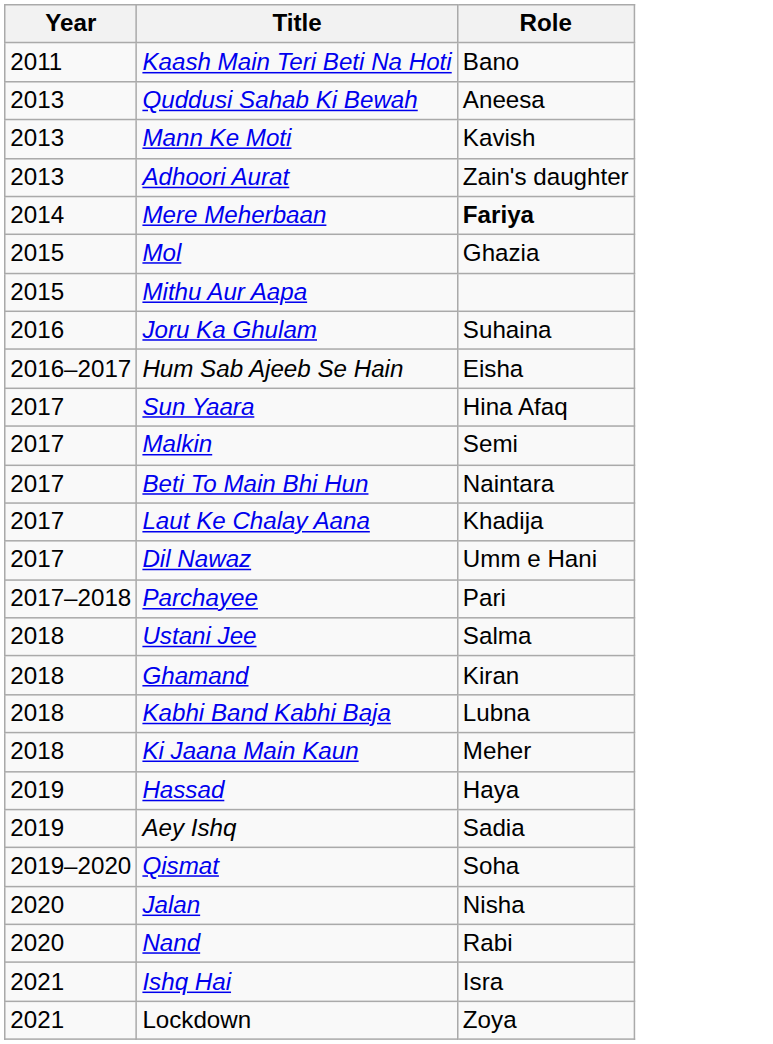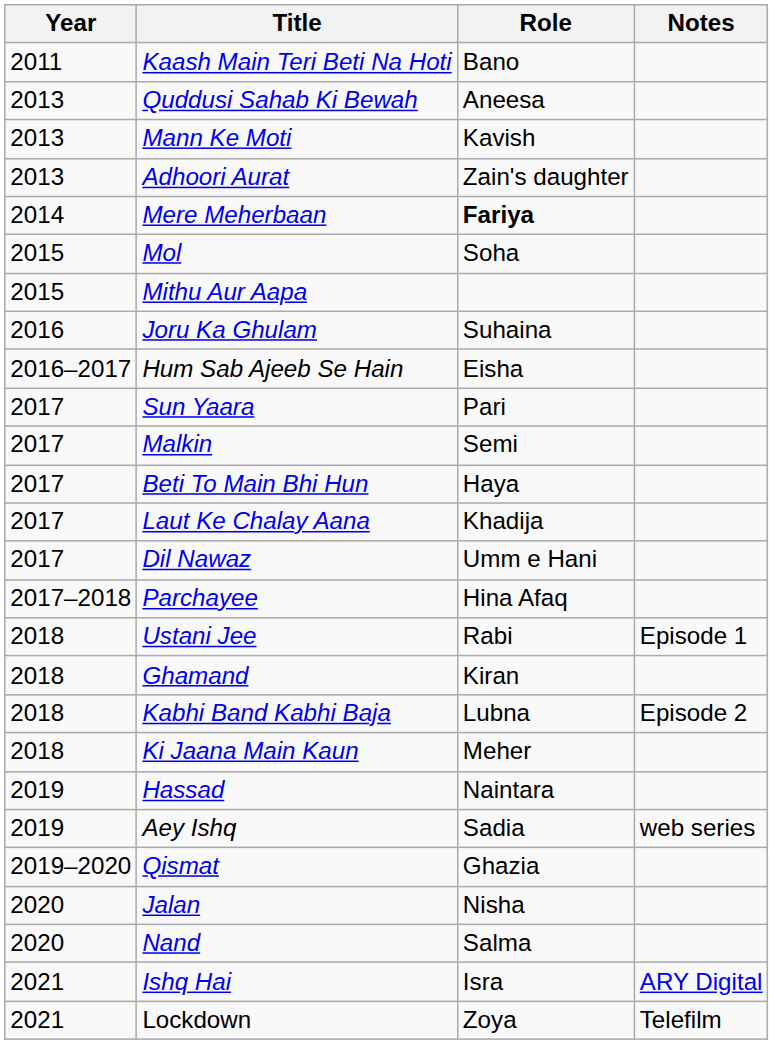 <table class="wikitable">
 <tr>
 <th>Year</th>
 <th>Title</th>
 <th>Role</th>
+<th>Notes</th>
 </tr>
 <tr>
 <td>2011</td>
 <td><em><a href='#'>Kaash Main Teri Beti Na Hoti</a></em></td>
 <td>Bano</td>
+<td></td>
 </tr>
 <tr>
 <td>2013</td>
 <td><em><a href='#'>Quddusi Sahab Ki Bewah</a></em></td>
 <td>Aneesa</td>
+<td></td>
 </tr>
 <tr>
 <td>2013</td>
 <td><em><a href='#'>Mann Ke Moti</a></em></td>
 <td>Kavish</td>
+<td></td>
 </tr>
 <tr>
 <td>2013</td>
 <td><em><a href='#'>Adhoori Aurat</a></em></td>
 <td>Zain's daughter</td>
+<td></td>
 </tr>
 <tr>
 <td>2014</td>
 <td><em><a href='#'>Mere Meherbaan</a></em></td>
 <td><strong>Fariya</strong></td>
+<td></td>
 </tr>
 <tr>
 <td>2015</td>
 <td><em><a href='#'>Mol</a></em></td>
-<td>Ghazia</td>
+<td>Soha</td>
+<td></td>
 </tr>
 <tr>
 <td>2015</td>
 <td><em><a href='#'>Mithu Aur Aapa</a></em></td>
+<td></td>
 <td></td>
 </tr>
 <tr>
 <td>2016</td>
 <td><em><a href='#'>Joru Ka Ghulam</a></em></td>
 <td>Suhaina</td>
+<td></td>
 </tr>
 <tr>
 <td>2016–2017</td>
 <td><em>Hum Sab Ajeeb Se Hain</em></td>
 <td>Eisha</td>
+<td></td>
 </tr>
 <tr>
 <td>2017</td>
 <td><em><a href='#'>Sun Yaara</a></em></td>
-<td>Hina Afaq</td>
+<td>Pari</td>
+<td></td>
 </tr>
 <tr>
 <td>2017</td>
 <td><em><a href='#'>Malkin</a></em></td>
 <td>Semi</td>
+<td></td>
 </tr>
 <tr>
 <td>2017</td>
 <td><em><a href='#'>Beti To Main Bhi Hun</a></em></td>
-<td>Naintara</td>
+<td>Haya</td>
+<td></td>
 </tr>
 <tr>
 <td>2017</td>
 <td><em><a href='#'>Laut Ke Chalay Aana</a></em></td>
 <td>Khadija</td>
+<td></td>
 </tr>
 <tr>
 <td>2017</td>
 <td><em><a href='#'>Dil Nawaz</a></em></td>
 <td>Umm e Hani</td>
+<td></td>
 </tr>
 <tr>
 <td>2017–2018</td>
 <td><em><a href='#'>Parchayee</a></em></td>
-<td>Pari</td>
+<td>Hina Afaq</td>
+<td></td>
 </tr>
 <tr>
 <td>2018</td>
 <td><em><a href='#'>Ustani Jee</a></em></td>
-<td>Salma</td>
+<td>Rabi</td>
+<td>Episode 1</td>
 </tr>
 <tr>
 <td>2018</td>
 <td><em><a href='#'>Ghamand</a></em></td>
 <td>Kiran</td>
+<td></td>
 </tr>
 <tr>
 <td>2018</td>
 <td><em><a href='#'>Kabhi Band Kabhi Baja</a></em></td>
 <td>Lubna</td>
+<td>Episode 2</td>
 </tr>
 <tr>
 <td>2018</td>
 <td><em><a href='#'>Ki Jaana Main Kaun</a></em></td>
 <td>Meher</td>
+<td></td>
 </tr>
 <tr>
 <td>2019</td>
 <td><em><a href='#'>Hassad</a></em></td>
-<td>Haya</td>
+<td>Naintara</td>
+<td></td>
 </tr>
 <tr>
 <td>2019</td>
 <td><em>Aey Ishq</em></td>
 <td>Sadia</td>
+<td>web series</td>
 </tr>
 <tr>
 <td>2019–2020</td>
 <td><em><a href='#'>Qismat</a></em></td>
-<td>Soha</td>
+<td>Ghazia</td>
+<td></td>
 </tr>
 <tr>
 <td>2020</td>
 <td><em><a href='#'>Jalan</a></em></td>
 <td>Nisha</td>
+<td></td>
 </tr>
 <tr>
 <td>2020</td>
 <td><em><a href='#'>Nand</a></em></td>
-<td>Rabi</td>
+<td>Salma</td>
+<td></td>
 </tr>
 <tr>
 <td>2021</td>
 <td><em><a href='#'>Ishq Hai</a></em></td>
 <td>Isra</td>
+<td><a href='#'>ARY Digital</a></td>
 </tr>
 <tr>
 <td>2021</td>
 <td>Lockdown</td>
 <td>Zoya</td>
+<td>Telefilm</td>
 </tr>
 </table>
